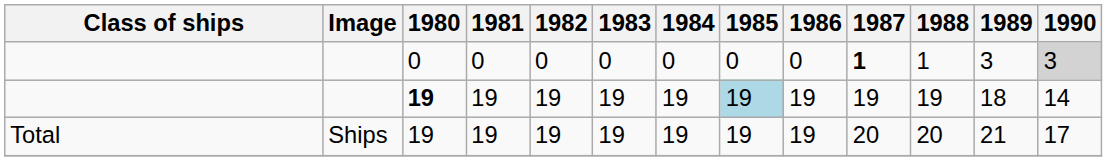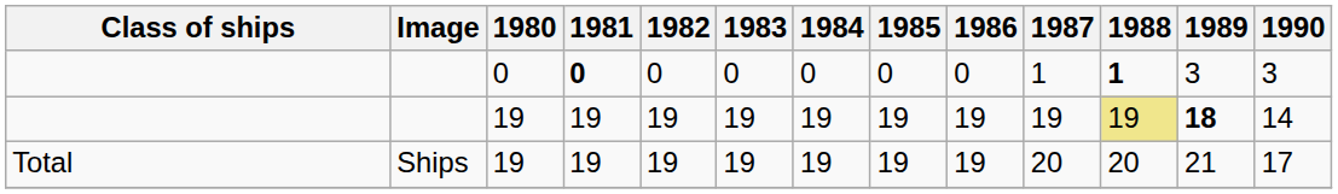 <table class="wikitable sortable collapsible collapsed">
 <tr>
 <th style="width:29%;">Class of ships</th>
 <th>Image</th>
 <th>1980</th>
 <th>1981</th>
 <th>1982</th>
 <th>1983</th>
 <th>1984</th>
 <th>1985</th>
 <th>1986</th>
 <th>1987</th>
 <th>1988</th>
 <th>1989</th>
 <th>1990</th>
 </tr>
 <tr valign="top">
 <td></td>
 <td></td>
 <td>0</td>
+<td><strong>0</strong></td>
 <td>0</td>
 <td>0</td>
 <td>0</td>
 <td>0</td>
 <td>0</td>
-<td>0</td>
+<td>1</td>
 <td><strong>1</strong></td>
-<td>1</td>
 <td>3</td>
-<td style="background: lightgrey;">3</td>
+<td>3</td>
 </tr>
 <tr valign="top">
 <td></td>
 <td></td>
-<td><strong>19</strong></td>
 <td>19</td>
 <td>19</td>
 <td>19</td>
 <td>19</td>
-<td style="background: lightblue;">19</td>
 <td>19</td>
 <td>19</td>
 <td>19</td>
-<td>18</td>
+<td>19</td>
+<td style="background: khaki;">19</td>
+<td><strong>18</strong></td>
 <td>14</td>
 </tr>
 <tr valign="top">
 <td>Total</td>
 <td>Ships</td>
 <td>19</td>
 <td>19</td>
 <td>19</td>
 <td>19</td>
 <td>19</td>
 <td>19</td>
 <td>19</td>
 <td>20</td>
 <td>20</td>
 <td>21</td>
 <td>17</td>
 </tr>
 <tr>
 </tr>
 </table>
